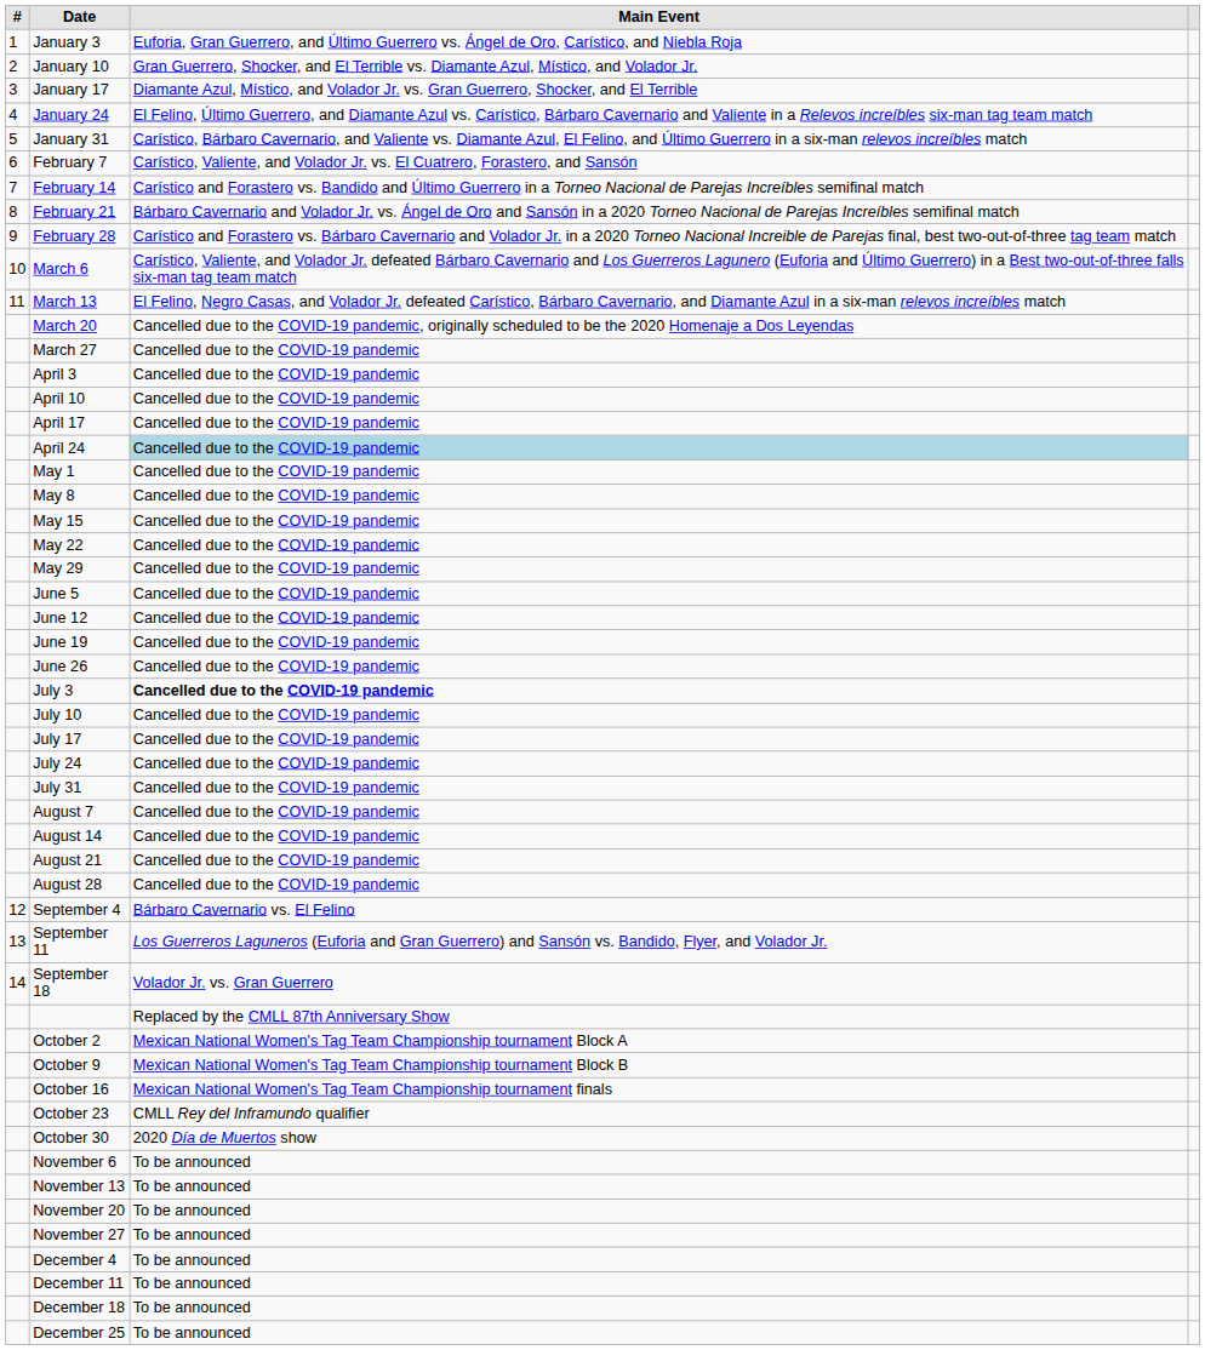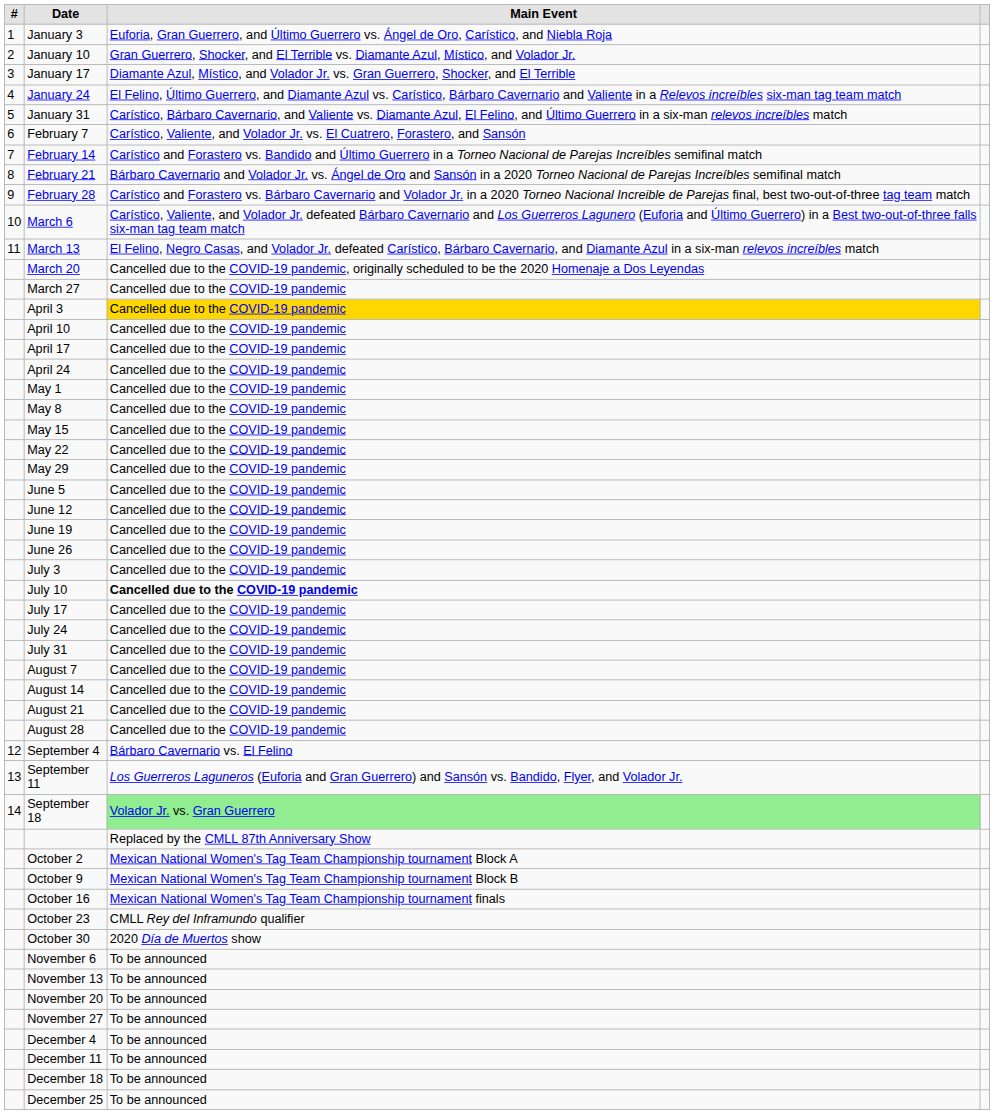 <table text-align: left;" class="wikitable sortable">
 <tr>
 <th data-sort-type="number" style="border-style: none none solid solid; background: #e3e3e3"><strong>#</strong></th>
 <th style="border-style: none none solid solid; background: #e3e3e3"><strong>Date</strong></th>
 <th style="border-style: none none solid solid; background: #e3e3e3"><strong>Main Event</strong></th>
 <th class="unsortable" style="border-style: none none solid solid; background: #e3e3e3"><strong></strong></th>
 </tr>
 <tr>
 <td>1</td>
 <td>January 3</td>
 <td><a href='#'>Euforia</a>, <a href='#'>Gran Guerrero</a>, and <a href='#'>Último Guerrero</a> vs. <a href='#'>Ángel de Oro</a>, <a href='#'>Carístico</a>, and <a href='#'>Niebla Roja</a></td>
 <td></td>
 </tr>
 <tr>
 <td>2</td>
 <td>January 10</td>
 <td><a href='#'>Gran Guerrero</a>, <a href='#'>Shocker</a>, and <a href='#'>El Terrible</a> vs. <a href='#'>Diamante Azul</a>, <a href='#'>Místico</a>, and <a href='#'>Volador Jr.</a></td>
 <td></td>
 </tr>
 <tr>
 <td>3</td>
 <td>January 17</td>
 <td><a href='#'>Diamante Azul</a>, <a href='#'>Místico</a>, and <a href='#'>Volador Jr.</a> vs. <a href='#'>Gran Guerrero</a>, <a href='#'>Shocker</a>, and <a href='#'>El Terrible</a></td>
 <td></td>
 </tr>
 <tr>
 <td>4</td>
 <td><a href='#'>January 24</a></td>
 <td><a href='#'>El Felino</a>, <a href='#'>Último Guerrero</a>, and <a href='#'>Diamante Azul</a> vs. <a href='#'>Carístico</a>, <a href='#'>Bárbaro Cavernario</a> and <a href='#'>Valiente</a> in a <em><a href='#'>Relevos increíbles</a></em> <a href='#'>six-man tag team match</a> </td>
 <td></td>
 </tr>
 <tr>
 <td>5</td>
 <td>January 31</td>
 <td><a href='#'>Carístico</a>, <a href='#'>Bárbaro Cavernario</a>, and <a href='#'>Valiente</a> vs. <a href='#'>Diamante Azul</a>, <a href='#'>El Felino</a>, and <a href='#'>Último Guerrero</a> in a six-man <em><a href='#'>relevos increíbles</a></em> match</td>
 <td></td>
 </tr>
 <tr>
 <td>6</td>
 <td>February 7</td>
 <td><a href='#'>Carístico</a>, <a href='#'>Valiente</a>, and <a href='#'>Volador Jr.</a> vs. <a href='#'>El Cuatrero</a>, <a href='#'>Forastero</a>, and <a href='#'>Sansón</a></td>
 <td></td>
 </tr>
 <tr>
 <td>7</td>
 <td><a href='#'>February 14</a></td>
 <td><a href='#'>Carístico</a> and <a href='#'>Forastero</a> vs. <a href='#'>Bandido</a> and <a href='#'>Último Guerrero</a> in a <em>Torneo Nacional de Parejas Increíbles</em> semifinal match</td>
 <td></td>
 </tr>
 <tr>
 <td>8</td>
 <td><a href='#'>February 21</a></td>
 <td><a href='#'>Bárbaro Cavernario</a> and <a href='#'>Volador Jr.</a> vs. <a href='#'>Ángel de Oro</a> and <a href='#'>Sansón</a> in a 2020 <em>Torneo Nacional de Parejas Increíbles</em> semifinal match</td>
 <td></td>
 </tr>
 <tr>
 <td>9</td>
 <td><a href='#'>February 28</a></td>
 <td><a href='#'>Carístico</a> and <a href='#'>Forastero</a> vs. <a href='#'>Bárbaro Cavernario</a> and <a href='#'>Volador Jr.</a> in a 2020 <em>Torneo Nacional Increible de Parejas</em> final, best two-out-of-three <a href='#'>tag team</a> match</td>
 <td></td>
 </tr>
 <tr>
 <td>10</td>
 <td><a href='#'>March 6</a></td>
 <td><a href='#'>Carístico</a>, <a href='#'>Valiente</a>, and <a href='#'>Volador Jr.</a> defeated <a href='#'>Bárbaro Cavernario</a> and <em><a href='#'>Los Guerreros Lagunero</a></em> (<a href='#'>Euforia</a> and <a href='#'>Último Guerrero</a>) in a <a href='#'>Best two-out-of-three falls six-man tag team match</a></td>
 <td></td>
 </tr>
 <tr>
 <td>11</td>
 <td><a href='#'>March 13</a></td>
 <td><a href='#'>El Felino</a>, <a href='#'>Negro Casas</a>, and <a href='#'>Volador Jr.</a> defeated <a href='#'>Carístico</a>, <a href='#'>Bárbaro Cavernario</a>, and <a href='#'>Diamante Azul</a> in a six-man <em><a href='#'>relevos increíbles</a></em> match</td>
 <td></td>
 </tr>
 <tr>
 <td></td>
 <td><a href='#'>March 20</a></td>
 <td>Cancelled due to the <a href='#'>COVID-19 pandemic</a>, originally scheduled to be the 2020 <a href='#'>Homenaje a Dos Leyendas</a></td>
 <td></td>
 </tr>
 <tr>
 <td> </td>
 <td>March 27</td>
 <td>Cancelled due to the <a href='#'>COVID-19 pandemic</a></td>
 <td></td>
 </tr>
 <tr>
 <td> </td>
 <td>April 3</td>
-<td>Cancelled due to the <a href='#'>COVID-19 pandemic</a></td>
+<td style="background: gold;">Cancelled due to the <a href='#'>COVID-19 pandemic</a></td>
 <td></td>
 </tr>
 <tr>
 <td> </td>
 <td>April 10</td>
 <td>Cancelled due to the <a href='#'>COVID-19 pandemic</a></td>
 <td></td>
 </tr>
 <tr>
 <td> </td>
 <td>April 17</td>
 <td>Cancelled due to the <a href='#'>COVID-19 pandemic</a></td>
 <td></td>
 </tr>
 <tr>
 <td> </td>
 <td>April 24</td>
-<td style="background: lightblue;">Cancelled due to the <a href='#'>COVID-19 pandemic</a></td>
+<td>Cancelled due to the <a href='#'>COVID-19 pandemic</a></td>
 <td></td>
 </tr>
 <tr>
 <td> </td>
 <td>May 1</td>
 <td>Cancelled due to the <a href='#'>COVID-19 pandemic</a></td>
 <td></td>
 </tr>
 <tr>
 <td> </td>
 <td>May 8</td>
 <td>Cancelled due to the <a href='#'>COVID-19 pandemic</a></td>
 <td></td>
 </tr>
 <tr>
 <td> </td>
 <td>May 15</td>
 <td>Cancelled due to the <a href='#'>COVID-19 pandemic</a></td>
 <td></td>
 </tr>
 <tr>
 <td> </td>
 <td>May 22</td>
 <td>Cancelled due to the <a href='#'>COVID-19 pandemic</a></td>
 <td></td>
 </tr>
 <tr>
 <td> </td>
 <td>May 29</td>
 <td>Cancelled due to the <a href='#'>COVID-19 pandemic</a></td>
 <td></td>
 </tr>
 <tr>
 <td> </td>
 <td>June 5</td>
 <td>Cancelled due to the <a href='#'>COVID-19 pandemic</a></td>
 <td></td>
 </tr>
 <tr>
 <td> </td>
 <td>June 12</td>
 <td>Cancelled due to the <a href='#'>COVID-19 pandemic</a></td>
 <td></td>
 </tr>
 <tr>
 <td> </td>
 <td>June 19</td>
 <td>Cancelled due to the <a href='#'>COVID-19 pandemic</a></td>
 <td></td>
 </tr>
 <tr>
 <td> </td>
 <td>June 26</td>
 <td>Cancelled due to the <a href='#'>COVID-19 pandemic</a></td>
 <td></td>
 </tr>
 <tr>
 <td> </td>
 <td>July 3</td>
-<td><strong>Cancelled due to the <a href='#'>COVID-19 pandemic</a></strong></td>
+<td>Cancelled due to the <a href='#'>COVID-19 pandemic</a></td>
 <td></td>
 </tr>
 <tr>
 <td> </td>
 <td>July 10</td>
-<td>Cancelled due to the <a href='#'>COVID-19 pandemic</a></td>
+<td><strong>Cancelled due to the <a href='#'>COVID-19 pandemic</a></strong></td>
 <td></td>
 </tr>
 <tr>
 <td> </td>
 <td>July 17</td>
 <td>Cancelled due to the <a href='#'>COVID-19 pandemic</a></td>
 <td></td>
 </tr>
 <tr>
 <td> </td>
 <td>July 24</td>
 <td>Cancelled due to the <a href='#'>COVID-19 pandemic</a></td>
 <td></td>
 </tr>
 <tr>
 <td> </td>
 <td>July 31</td>
 <td>Cancelled due to the <a href='#'>COVID-19 pandemic</a></td>
 <td></td>
 </tr>
 <tr>
 <td> </td>
 <td>August 7</td>
 <td>Cancelled due to the <a href='#'>COVID-19 pandemic</a></td>
 <td></td>
 </tr>
 <tr>
 <td> </td>
 <td>August 14</td>
 <td>Cancelled due to the <a href='#'>COVID-19 pandemic</a></td>
 <td></td>
 </tr>
 <tr>
 <td> </td>
 <td>August 21</td>
 <td>Cancelled due to the <a href='#'>COVID-19 pandemic</a></td>
 <td></td>
 </tr>
 <tr>
 <td> </td>
 <td>August 28</td>
 <td>Cancelled due to the <a href='#'>COVID-19 pandemic</a></td>
 <td></td>
 </tr>
 <tr>
 <td>12</td>
 <td>September 4</td>
 <td><a href='#'>Bárbaro Cavernario</a> vs. <a href='#'>El Felino</a></td>
 <td></td>
 </tr>
 <tr>
 <td>13</td>
 <td>September 11</td>
 <td><em><a href='#'>Los Guerreros Laguneros</a></em> (<a href='#'>Euforia</a> and <a href='#'>Gran Guerrero</a>) and <a href='#'>Sansón</a> vs. <a href='#'>Bandido</a>, <a href='#'>Flyer</a>, and <a href='#'>Volador Jr.</a></td>
 <td></td>
 </tr>
 <tr>
 <td>14</td>
 <td>September 18</td>
-<td><a href='#'>Volador Jr.</a> vs. <a href='#'>Gran Guerrero</a></td>
+<td style="background: lightgreen;"><a href='#'>Volador Jr.</a> vs. <a href='#'>Gran Guerrero</a></td>
 <td></td>
 </tr>
 <tr>
 <td></td>
 <td></td>
 <td>Replaced by the <a href='#'>CMLL 87th Anniversary Show</a></td>
 <td> </td>
 </tr>
 <tr>
 <td> </td>
 <td>October 2</td>
 <td><a href='#'>Mexican National Women's Tag Team Championship tournament</a> Block A</td>
 <td></td>
 </tr>
 <tr>
 <td> </td>
 <td>October 9</td>
 <td><a href='#'>Mexican National Women's Tag Team Championship tournament</a> Block B</td>
 <td></td>
 </tr>
 <tr>
 <td> </td>
 <td>October 16</td>
 <td><a href='#'>Mexican National Women's Tag Team Championship tournament</a> finals</td>
 <td></td>
 </tr>
 <tr>
 <td> </td>
 <td>October 23</td>
 <td>CMLL <em>Rey del Inframundo</em> qualifier</td>
 <td></td>
 </tr>
 <tr>
 <td> </td>
 <td>October 30</td>
 <td>2020 <em><a href='#'>Día de Muertos</a></em> show</td>
 <td></td>
 </tr>
 <tr>
 <td> </td>
 <td>November 6</td>
 <td>To be announced</td>
 <td> </td>
 </tr>
 <tr>
 <td> </td>
 <td>November 13</td>
 <td>To be announced</td>
 <td> </td>
 </tr>
 <tr>
 <td> </td>
 <td>November 20</td>
 <td>To be announced</td>
 <td> </td>
 </tr>
 <tr>
 <td> </td>
 <td>November 27</td>
 <td>To be announced</td>
 <td> </td>
 </tr>
 <tr>
 <td> </td>
 <td>December 4</td>
 <td>To be announced</td>
 <td> </td>
 </tr>
 <tr>
 <td> </td>
 <td>December 11</td>
 <td>To be announced</td>
 <td> </td>
 </tr>
 <tr>
 <td> </td>
 <td>December 18</td>
 <td>To be announced</td>
 <td> </td>
 </tr>
 <tr>
 <td> </td>
 <td>December 25</td>
 <td>To be announced</td>
 <td> </td>
 </tr>
 </table>
